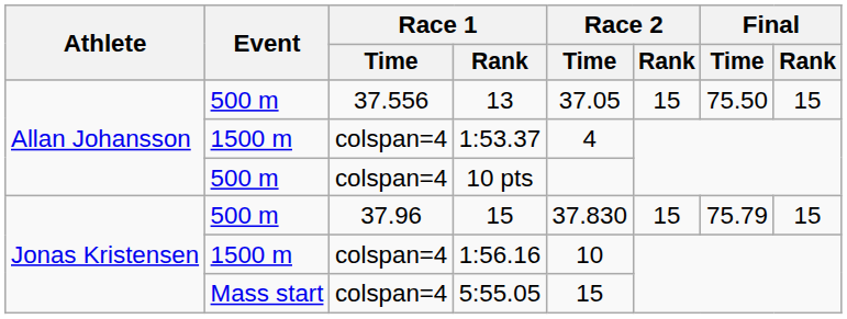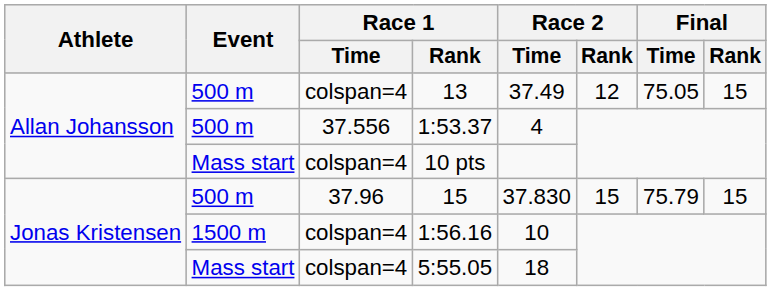 <table class="wikitable" style="font-size:90%">
 <tr>
 <th rowspan=2>Athlete</th>
 <th rowspan=2>Event</th>
 <th colspan=2>Race 1</th>
 <th colspan=2>Race 2</th>
 <th colspan=2>Final</th>
 </tr>
 <tr style="font-size:95%">
 <th>Time</th>
 <th>Rank</th>
 <th>Time</th>
 <th>Rank</th>
 <th>Time</th>
 <th>Rank</th>
 </tr>
 <tr align=center>
 <td align=left rowspan=3><a href='#'>Allan Johansson</a></td>
 <td align=left><a href='#'>500 m</a></td>
-<td>37.556</td>
+<td>colspan=4 </td>
 <td>13</td>
-<td>37.05</td>
-<td>15</td>
-<td>75.50</td>
+<td>37.49</td>
+<td>12</td>
+<td>75.05</td>
 <td>15</td>
 </tr>
 <tr align=center>
-<td align=left><a href='#'>1500 m</a></td>
-<td>colspan=4 </td>
+<td align=left><a href='#'>500 m</a></td>
+<td>37.556</td>
 <td>1:53.37</td>
 <td>4</td>
 </tr>
 <tr align=center>
-<td align=left><a href='#'>500 m</a></td>
+<td align=left><a href='#'>Mass start</a></td>
 <td>colspan=4 </td>
 <td>10 pts</td>
 <td></td>
 </tr>
 <tr align=center>
 <td align=left rowspan=3><a href='#'>Jonas Kristensen</a></td>
 <td align=left><a href='#'>500 m</a></td>
 <td>37.96</td>
 <td>15</td>
 <td>37.830</td>
 <td>15</td>
 <td>75.79</td>
 <td>15</td>
 </tr>
 <tr align=center>
 <td align=left><a href='#'>1500 m</a></td>
 <td>colspan=4 </td>
 <td>1:56.16</td>
 <td>10</td>
 </tr>
 <tr align=center>
 <td align=left><a href='#'>Mass start</a></td>
 <td>colspan=4 </td>
 <td>5:55.05</td>
-<td>15</td>
+<td>18</td>
 </tr>
 </table>
